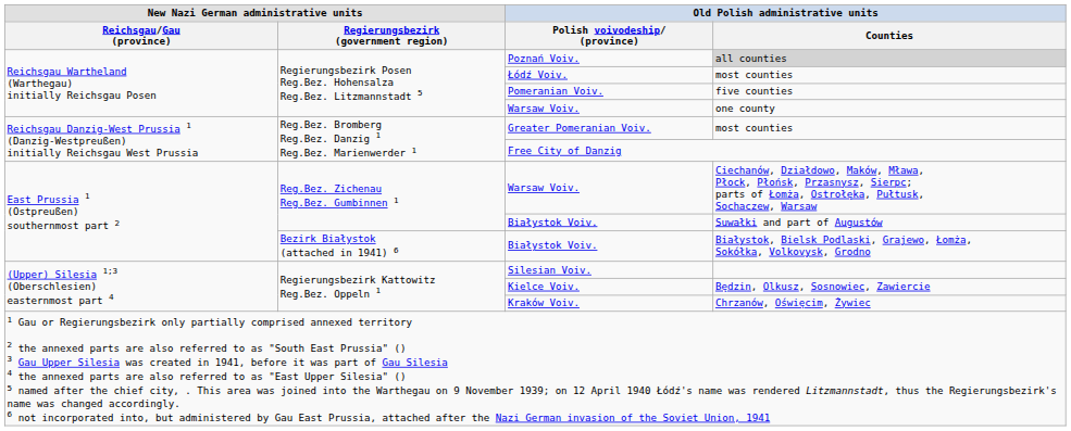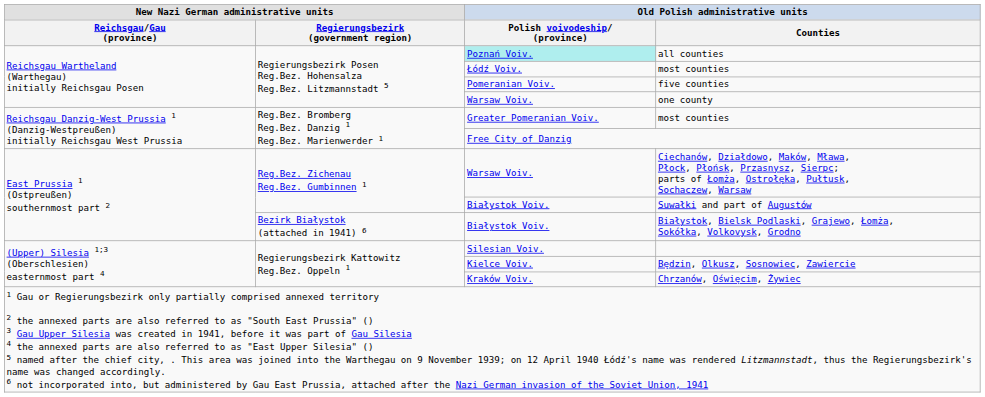 <table class=wikitable style="font-size: 90%;">
 <tr>
 <th colspan="2" style="background:#E0E0E0">New Nazi German administrative units</th>
 <th colspan="2" style="background:#CCDAED">Old Polish administrative units</th>
 </tr>
 <tr>
 <th><a href='#'>Reichsgau</a>/<a href='#'>Gau</a><br>(province)</th>
 <th><a href='#'>Regierungsbezirk</a> <br>(government region)</th>
 <th>Polish <a href='#'>voivodeship</a>/<br>(province)</th>
 <th>Counties</th>
 </tr>
 <tr>
 <td rowspan="4"><a href='#'>Reichsgau Wartheland</a><br>(Warthegau)<br>initially Reichsgau Posen</td>
 <td rowspan="4">Regierungsbezirk Posen<br>Reg.Bez. Hohensalza<br>Reg.Bez. Litzmannstadt <sup>5</sup></td>
-<td><a href='#'>Poznań Voiv.</a></td>
-<td style="background: lightgrey;">all counties</td>
+<td style="background: paleturquoise;"><a href='#'>Poznań Voiv.</a></td>
+<td>all counties</td>
 </tr>
 <tr>
 <td><a href='#'>Łódź Voiv.</a></td>
 <td>most counties</td>
 </tr>
 <tr>
 <td><a href='#'>Pomeranian Voiv.</a></td>
 <td>five counties</td>
 </tr>
 <tr>
 <td><a href='#'>Warsaw Voiv.</a></td>
 <td>one county</td>
 </tr>
 <tr>
 <td rowspan="2"><a href='#'>Reichsgau Danzig-West Prussia</a> <sup>1</sup><br>(Danzig-Westpreußen)<br>initially Reichsgau West Prussia</td>
 <td rowspan="2">Reg.Bez. Bromberg<br>Reg.Bez. Danzig <sup>1</sup><br>Reg.Bez. Marienwerder <sup>1</sup></td>
 <td><a href='#'>Greater Pomeranian Voiv.</a></td>
 <td>most counties</td>
 </tr>
 <tr>
 <td colspan="2"><a href='#'>Free City of Danzig</a></td>
 </tr>
 <tr>
 <td rowspan="3"><a href='#'>East Prussia</a> <sup>1</sup><br>(Ostpreußen)<br>southernmost part <sup>2</sup></td>
 <td rowspan="2"><a href='#'>Reg.Bez. Zichenau</a><br><a href='#'>Reg.Bez. Gumbinnen</a> <sup>1</sup></td>
 <td><a href='#'>Warsaw Voiv.</a></td>
 <td><a href='#'>Ciechanów</a>, <a href='#'>Działdowo</a>, <a href='#'>Maków</a>, <a href='#'>Mława</a>,<br><a href='#'>Płock</a>, <a href='#'>Płońsk</a>, <a href='#'>Przasnysz</a>, <a href='#'>Sierpc</a>;<br>parts of <a href='#'>Łomża</a>, <a href='#'>Ostrołęka</a>, <a href='#'>Pułtusk</a>,<br><a href='#'>Sochaczew</a>, <a href='#'>Warsaw</a></td>
 </tr>
 <tr>
 <td><a href='#'>Białystok Voiv.</a></td>
 <td><a href='#'>Suwałki</a> and part of <a href='#'>Augustów</a></td>
 </tr>
 <tr>
 <td><a href='#'>Bezirk Białystok</a><br>(attached in 1941) <sup>6</sup></td>
 <td><a href='#'>Białystok Voiv.</a></td>
 <td><a href='#'>Białystok</a>, <a href='#'>Bielsk Podlaski</a>, <a href='#'>Grajewo</a>, <a href='#'>Łomża</a>,<br><a href='#'>Sokółka</a>, <a href='#'>Volkovysk</a>, <a href='#'>Grodno</a></td>
 </tr>
 <tr>
 <td rowspan="3"><a href='#'>(Upper) Silesia</a> <sup>1;3</sup><br>(Oberschlesien)<br>easternmost part <sup>4</sup></td>
 <td rowspan="3">Regierungsbezirk Kattowitz<br>Reg.Bez. Oppeln <sup>1</sup></td>
 <td><a href='#'>Silesian Voiv.</a></td>
 <td></td>
 </tr>
 <tr>
 <td><a href='#'>Kielce Voiv.</a></td>
 <td><a href='#'>Będzin</a>, <a href='#'>Olkusz</a>, <a href='#'>Sosnowiec</a>, <a href='#'>Zawiercie</a></td>
 </tr>
 <tr>
 <td><a href='#'>Kraków Voiv.</a></td>
 <td><a href='#'>Chrzanów</a>, <a href='#'>Oświęcim</a>, <a href='#'>Żywiec</a></td>
 </tr>
 <tr>
 <td colspan="4"><sup>1</sup> Gau or Regierungsbezirk only partially comprised annexed territory<br><br><sup>2</sup> the annexed parts are also referred to as "South East Prussia" ()<br> <sup>3</sup> <a href='#'>Gau Upper Silesia</a> was created in 1941, before it was part of <a href='#'>Gau Silesia</a><br> <sup>4</sup> the annexed parts are also referred to as "East Upper Silesia" ()<br> <sup>5</sup> named after the chief city, . This area was joined into the Warthegau on 9 November 1939; on 12 April 1940 Łódź's name was rendered <em>Litzmannstadt</em>, thus the Regierungsbezirk's name was changed accordingly.<br> <sup>6</sup> not incorporated into, but administered by Gau East Prussia, attached after the <a href='#'>Nazi German invasion of the Soviet Union, 1941</a></td>
 </tr>
 </table>
